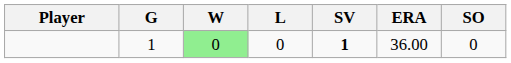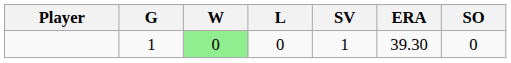 <table class="wikitable sortable">
 <tr>
 <th bgcolor="#DDDDFF" width="16%">Player</th>
 <th bgcolor="#DDDDFF" width="9%">G</th>
 <th bgcolor="#DDDDFF" width="9%">W</th>
 <th bgcolor="#DDDDFF" width="9%">L</th>
 <th bgcolor="#DDDDFF" width="9%">SV</th>
 <th bgcolor="#DDDDFF" width="9%">ERA</th>
 <th bgcolor="#DDDDFF" width="9%">SO</th>
 </tr>
 <tr align="center">
 <td></td>
 <td>1</td>
 <td style="background: lightgreen;">0</td>
 <td>0</td>
-<td><strong>1</strong></td>
-<td>36.00</td>
+<td>1</td>
+<td>39.30</td>
 <td>0</td>
 </tr>
 </table>
